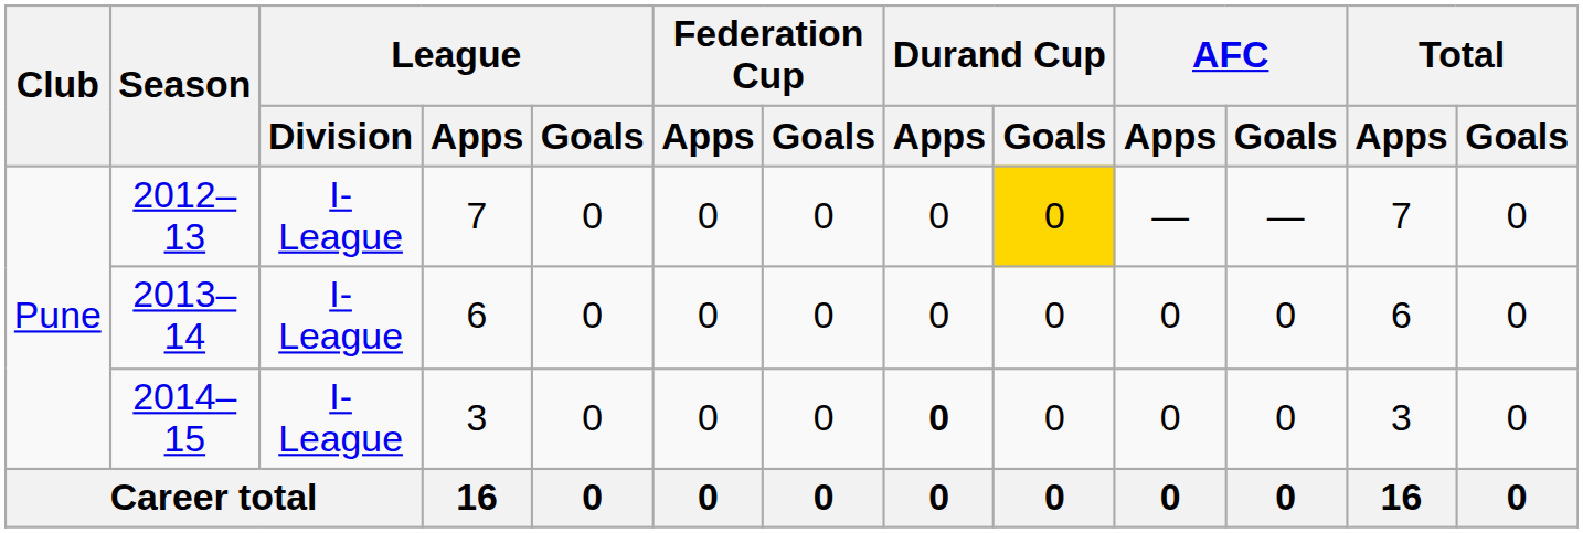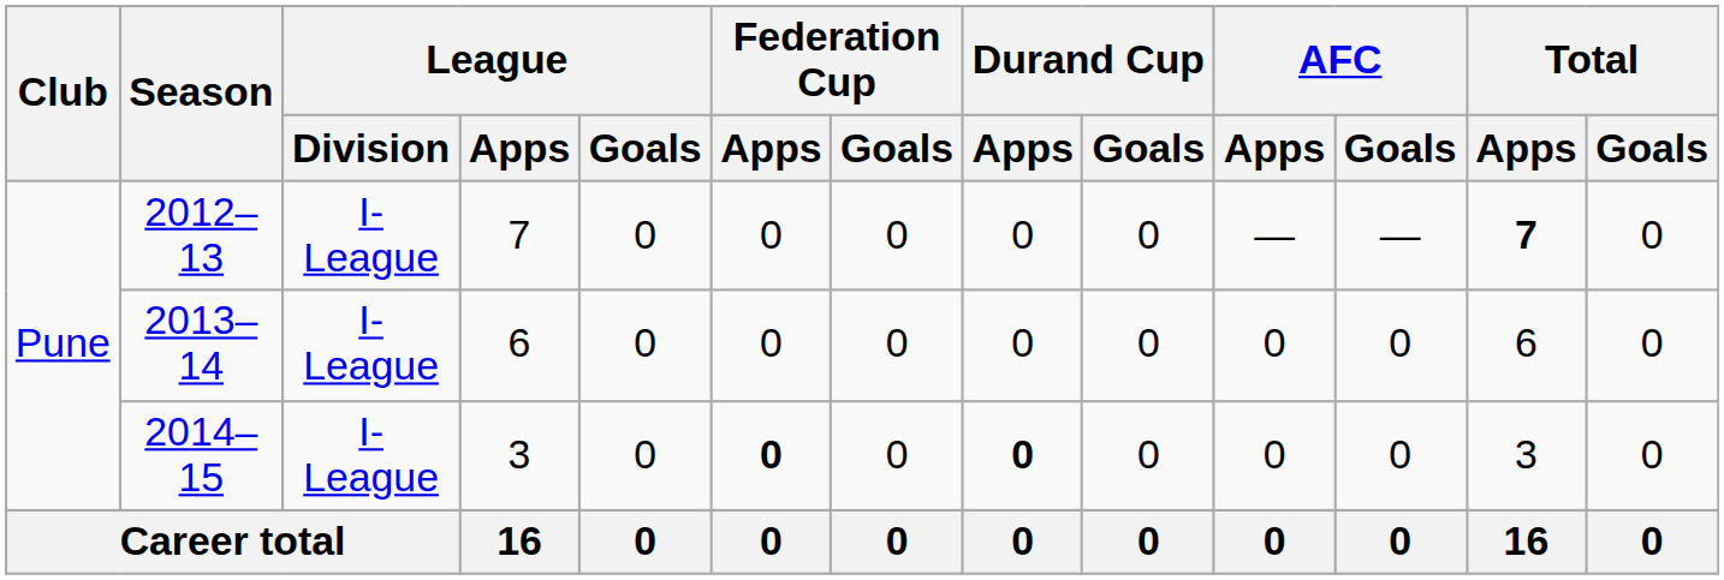 <table class="wikitable" style="text-align: center;">
 <tr>
 <th rowspan="2">Club</th>
 <th rowspan="2">Season</th>
 <th colspan="3">League</th>
 <th colspan="2">Federation Cup</th>
 <th colspan="2">Durand Cup</th>
 <th colspan="2"><a href='#'>AFC</a></th>
 <th colspan="2">Total</th>
 </tr>
 <tr>
 <th>Division</th>
 <th>Apps</th>
 <th>Goals</th>
 <th>Apps</th>
 <th>Goals</th>
 <th>Apps</th>
 <th>Goals</th>
 <th>Apps</th>
 <th>Goals</th>
 <th>Apps</th>
 <th>Goals</th>
 </tr>
 <tr>
 <td rowspan="3"><a href='#'>Pune</a></td>
 <td><a href='#'>2012–13</a></td>
 <td><a href='#'>I-League</a></td>
 <td>7</td>
 <td>0</td>
 <td>0</td>
 <td>0</td>
 <td>0</td>
-<td style="background: gold;">0</td>
+<td>0</td>
 <td>—</td>
 <td>—</td>
-<td>7</td>
+<td><strong>7</strong></td>
 <td>0</td>
 </tr>
 <tr>
 <td><a href='#'>2013–14</a></td>
 <td><a href='#'>I-League</a></td>
 <td>6</td>
 <td>0</td>
 <td>0</td>
 <td>0</td>
 <td>0</td>
 <td>0</td>
 <td>0</td>
 <td>0</td>
 <td>6</td>
 <td>0</td>
 </tr>
 <tr>
 <td><a href='#'>2014–15</a></td>
 <td><a href='#'>I-League</a></td>
 <td>3</td>
 <td>0</td>
-<td>0</td>
+<td><strong>0</strong></td>
 <td>0</td>
 <td><strong>0</strong></td>
 <td>0</td>
 <td>0</td>
 <td>0</td>
 <td>3</td>
 <td>0</td>
 </tr>
 <tr>
 <th colspan="3">Career total</th>
 <th>16</th>
 <th>0</th>
 <th>0</th>
 <th>0</th>
 <th>0</th>
 <th>0</th>
 <th>0</th>
 <th>0</th>
 <th>16</th>
 <th>0</th>
 </tr>
 </table>
